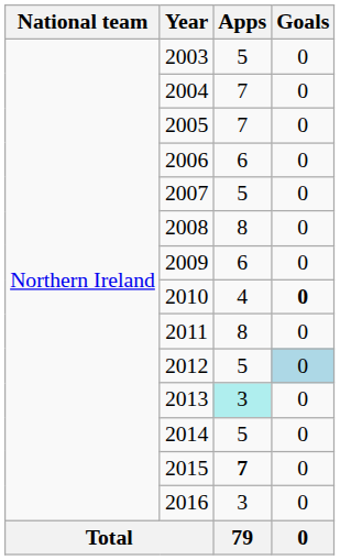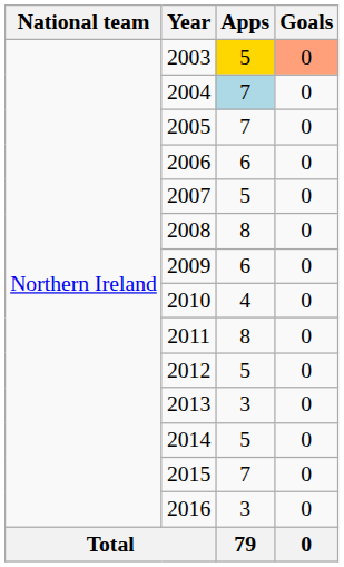 <table class="wikitable" style="text-align:center">
 <tr>
 <th>National team</th>
 <th>Year</th>
 <th>Apps</th>
 <th>Goals</th>
 </tr>
 <tr>
 <td rowspan="14"><a href='#'>Northern Ireland</a></td>
 <td>2003</td>
-<td>5</td>
-<td>0</td>
+<td style="background: gold;">5</td>
+<td style="background: lightsalmon;">0</td>
 </tr>
 <tr>
 <td>2004</td>
-<td>7</td>
+<td style="background: lightblue;">7</td>
 <td>0</td>
 </tr>
 <tr>
 <td>2005</td>
 <td>7</td>
 <td>0</td>
 </tr>
 <tr>
 <td>2006</td>
 <td>6</td>
 <td>0</td>
 </tr>
 <tr>
 <td>2007</td>
 <td>5</td>
 <td>0</td>
 </tr>
 <tr>
 <td>2008</td>
 <td>8</td>
 <td>0</td>
 </tr>
 <tr>
 <td>2009</td>
 <td>6</td>
 <td>0</td>
 </tr>
 <tr>
 <td>2010</td>
 <td>4</td>
-<td><strong>0</strong></td>
+<td>0</td>
 </tr>
 <tr>
 <td>2011</td>
 <td>8</td>
 <td>0</td>
 </tr>
 <tr>
 <td>2012</td>
 <td>5</td>
-<td style="background: lightblue;">0</td>
+<td>0</td>
 </tr>
 <tr>
 <td>2013</td>
-<td style="background: paleturquoise;">3</td>
+<td>3</td>
 <td>0</td>
 </tr>
 <tr>
 <td>2014</td>
 <td>5</td>
 <td>0</td>
 </tr>
 <tr>
 <td>2015</td>
-<td><strong>7</strong></td>
+<td>7</td>
 <td>0</td>
 </tr>
 <tr>
 <td>2016</td>
 <td>3</td>
 <td>0</td>
 </tr>
 <tr>
 <th colspan="2">Total</th>
 <th>79</th>
 <th>0</th>
 </tr>
 </table>
